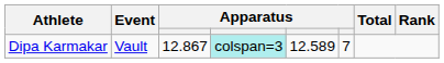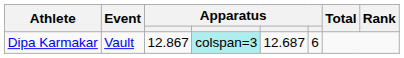 <table class="wikitable" style="font-size:90%">
 <tr>
 <th rowspan=2>Athlete</th>
 <th rowspan=2>Event</th>
 <th colspan =4>Apparatus</th>
 <th rowspan=2>Total</th>
 <th rowspan=2>Rank</th>
 </tr>
 <tr style="font-size:95%">
 <th></th>
 <th></th>
 <th></th>
 <th></th>
 </tr>
 <tr align=center>
 <td align=left><a href='#'>Dipa Karmakar</a></td>
 <td align=left><a href='#'>Vault</a></td>
 <td>12.867</td>
 <td style="background: paleturquoise;">colspan=3 </td>
-<td>12.589</td>
-<td>7</td>
+<td>12.687</td>
+<td>6</td>
 </tr>
 </table>
